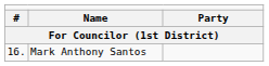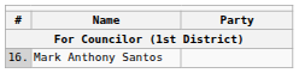 <table class=wikitable style="font-size:90%">
 <tr>
 <td colspan=4 bgcolor=></td>
 </tr>
 <tr>
 <th>#</th>
 <th width=150px>Name</th>
 <th colspan=2 width=110px>Party</th>
 </tr>
 <tr>
 <th colspan=5>For Councilor (1st District)</th>
 </tr>
 <tr>
-<td>16.</td>
+<td style="background: lightgrey;">16.</td>
 <td>Mark Anthony Santos</td>
 <td></td>
 </tr>
 </table>
